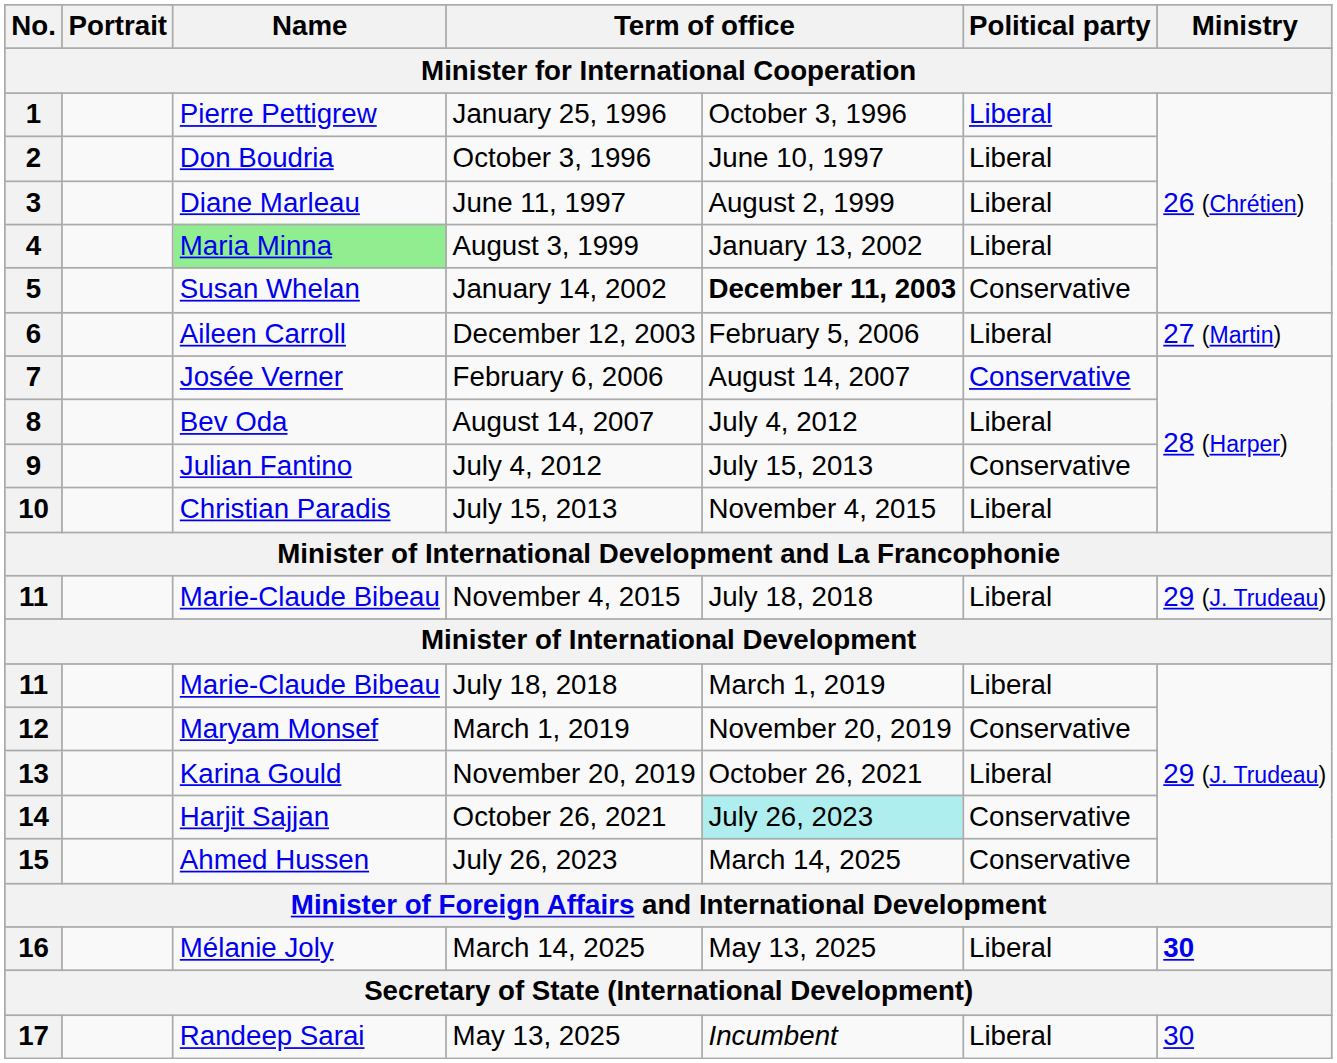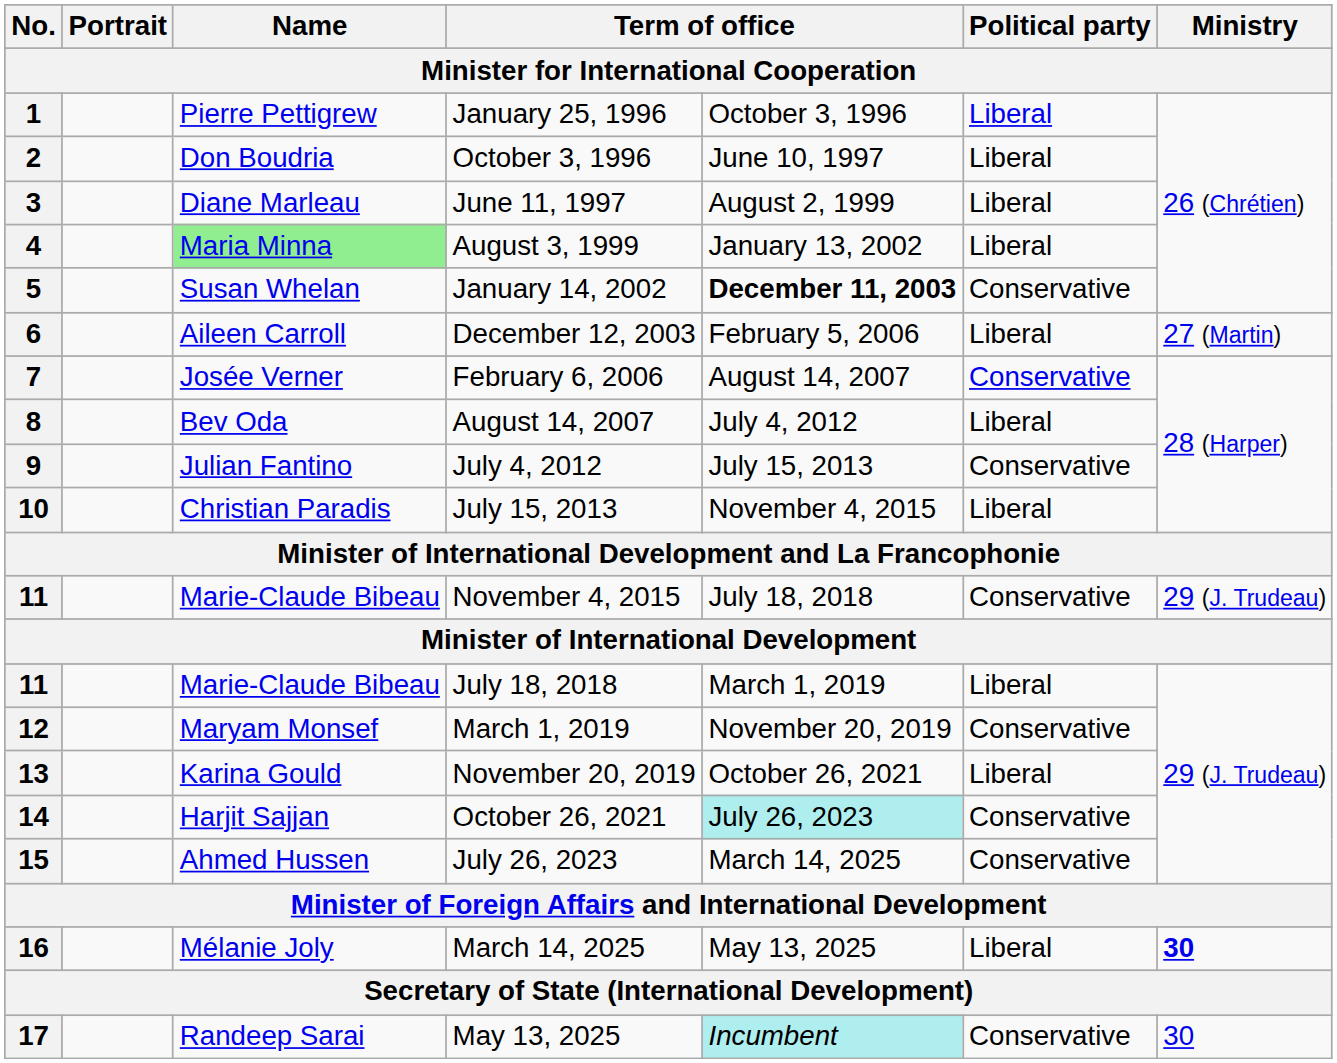 <table class="wikitable">
 <tr>
 <th>No.</th>
 <th>Portrait</th>
 <th>Name</th>
 <th colspan=2>Term of office</th>
 <th>Political party</th>
 <th>Ministry</th>
 </tr>
 <tr>
 <th colspan=7>Minister for International Cooperation</th>
 </tr>
 <tr>
 <th style="background:">1</th>
 <td></td>
 <td><a href='#'>Pierre Pettigrew</a></td>
 <td>January 25, 1996</td>
 <td>October 3, 1996</td>
 <td><a href='#'>Liberal</a></td>
 <td rowspan=5><a href='#'>26</a> <small>(<a href='#'>Chrétien</a>)</small></td>
 </tr>
 <tr>
 <th style="background:">2</th>
 <td></td>
 <td><a href='#'>Don Boudria</a></td>
 <td>October 3, 1996</td>
 <td>June 10, 1997</td>
 <td>Liberal</td>
 </tr>
 <tr>
 <th style="background:">3</th>
 <td></td>
 <td><a href='#'>Diane Marleau</a></td>
 <td>June 11, 1997</td>
 <td>August 2, 1999</td>
 <td>Liberal</td>
 </tr>
 <tr>
 <th style="background:">4</th>
 <td></td>
 <td style="background: lightgreen;"><a href='#'>Maria Minna</a></td>
 <td>August 3, 1999</td>
 <td>January 13, 2002</td>
 <td>Liberal</td>
 </tr>
 <tr>
 <th style="background:">5</th>
 <td></td>
 <td><a href='#'>Susan Whelan</a></td>
 <td>January 14, 2002</td>
 <td><strong>December 11, 2003</strong></td>
 <td>Conservative</td>
 </tr>
 <tr>
 <th style="background:">6</th>
 <td></td>
 <td><a href='#'>Aileen Carroll</a></td>
 <td>December 12, 2003</td>
 <td>February 5, 2006</td>
 <td>Liberal</td>
 <td><a href='#'>27</a> <small>(<a href='#'>Martin</a>)</small></td>
 </tr>
 <tr>
 <th style="background:">7</th>
 <td></td>
 <td><a href='#'>Josée Verner</a></td>
 <td>February 6, 2006</td>
 <td>August 14, 2007</td>
 <td><a href='#'>Conservative</a></td>
 <td rowspan=4><a href='#'>28</a> <small>(<a href='#'>Harper</a>)</small></td>
 </tr>
 <tr>
 <th style="background:">8</th>
 <td></td>
 <td><a href='#'>Bev Oda</a></td>
 <td>August 14, 2007</td>
 <td>July 4, 2012</td>
 <td>Liberal</td>
 </tr>
 <tr>
 <th style="background:">9</th>
 <td></td>
 <td><a href='#'>Julian Fantino</a></td>
 <td>July 4, 2012</td>
 <td>July 15, 2013</td>
 <td>Conservative</td>
 </tr>
 <tr>
 <th style="background:">10</th>
 <td></td>
 <td><a href='#'>Christian Paradis</a></td>
 <td>July 15, 2013</td>
 <td>November 4, 2015</td>
 <td>Liberal</td>
 </tr>
 <tr>
 <th colspan=7>Minister of International Development and La Francophonie</th>
 </tr>
 <tr>
 <th style="background:">11</th>
 <td></td>
 <td><a href='#'>Marie-Claude Bibeau</a></td>
 <td>November 4, 2015</td>
 <td>July 18, 2018</td>
-<td>Liberal</td>
+<td>Conservative</td>
 <td rowspan=1><a href='#'>29</a> <small>(<a href='#'>J. Trudeau</a>)</small></td>
 </tr>
 <tr>
 <th colspan=7>Minister of International Development</th>
 </tr>
 <tr>
 <th style="background:">11</th>
 <td></td>
 <td><a href='#'>Marie-Claude Bibeau</a></td>
 <td>July 18, 2018</td>
 <td>March 1, 2019</td>
 <td>Liberal</td>
 <td rowspan=5><a href='#'>29</a> <small>(<a href='#'>J. Trudeau</a>)</small></td>
 </tr>
 <tr>
 <th style="background:">12</th>
 <td></td>
 <td><a href='#'>Maryam Monsef</a></td>
 <td>March 1, 2019</td>
 <td>November 20, 2019</td>
 <td>Conservative</td>
 </tr>
 <tr>
 <th style="background:">13</th>
 <td></td>
 <td><a href='#'>Karina Gould</a></td>
 <td>November 20, 2019</td>
 <td>October 26, 2021</td>
 <td>Liberal</td>
 </tr>
 <tr>
 <th style="background:">14</th>
 <td></td>
 <td><a href='#'>Harjit Sajjan</a></td>
 <td>October 26, 2021</td>
 <td style="background: paleturquoise;">July 26, 2023</td>
 <td>Conservative</td>
 </tr>
 <tr>
 <th style="background:">15</th>
 <td></td>
 <td><a href='#'>Ahmed Hussen</a></td>
 <td>July 26, 2023</td>
 <td>March 14, 2025</td>
 <td>Conservative</td>
 </tr>
 <tr>
 <th colspan="7"><a href='#'>Minister of Foreign Affairs</a> and International Development</th>
 </tr>
 <tr>
 <th style="background:">16</th>
 <td></td>
 <td><a href='#'>Mélanie Joly</a></td>
 <td>March 14, 2025</td>
 <td>May 13, 2025</td>
 <td>Liberal</td>
 <td rowspan="1"><strong><a href='#'>30</a> </strong></td>
 </tr>
 <tr>
 <th colspan="7">Secretary of State (International Development)</th>
 </tr>
 <tr>
 <th style="background:">17</th>
 <td></td>
 <td><a href='#'>Randeep Sarai</a></td>
 <td>May 13, 2025</td>
-<td><em>Incumbent</em></td>
-<td>Liberal</td>
+<td style="background: paleturquoise;"><em>Incumbent</em></td>
+<td>Conservative</td>
 <td rowspan="1"><a href='#'>30</a> </td>
 </tr>
 </table>
